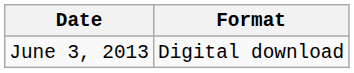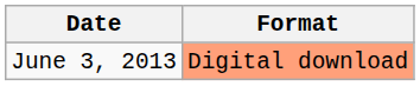 <table class="wikitable">
 <tr>
 <th scope="col">Date</th>
 <th scope="col">Format</th>
 </tr>
 <tr>
 <td>June 3, 2013</td>
-<td rowspan="1">Digital download</td>
+<td rowspan="1" style="background: lightsalmon;">Digital download</td>
 </tr>
 </table>
